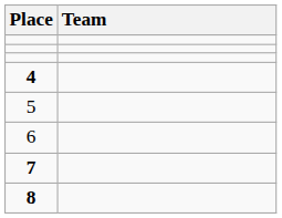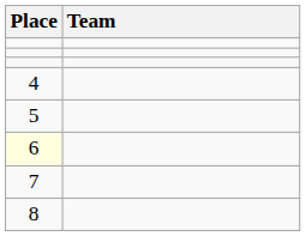 <table class="wikitable" style="text-align:center; padding-bottom:0;">
 <tr>
 <th>Place</th>
 <th style="width:11em; text-align:left;">Team</th>
 </tr>
 <tr>
 <td></td>
 <td align=left></td>
 </tr>
 <tr>
 <td></td>
 <td align=left></td>
 </tr>
 <tr>
 <td></td>
 <td align=left></td>
 </tr>
 <tr>
-<td><strong>4</strong></td>
+<td>4</td>
 <td align=left></td>
 </tr>
 <tr>
 <td>5</td>
 <td align=left></td>
 </tr>
 <tr>
-<td>6</td>
+<td style="background: lightyellow;">6</td>
 <td align=left></td>
 </tr>
 <tr>
-<td><strong>7</strong></td>
+<td>7</td>
 <td align=left></td>
 </tr>
 <tr>
-<td><strong>8</strong></td>
+<td>8</td>
 <td align=left></td>
 </tr>
 </table>
